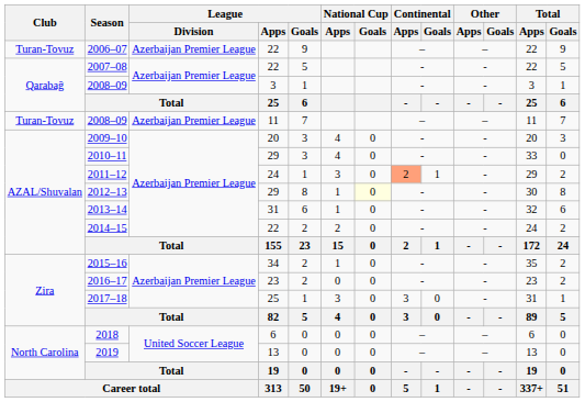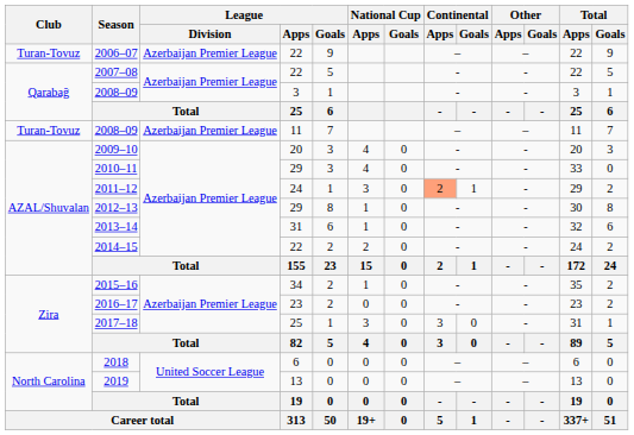 <table class="wikitable" style="text-align: center">
 <tr>
 <th rowspan="2">Club</th>
 <th rowspan="2">Season</th>
 <th colspan="3">League</th>
 <th colspan="2">National Cup</th>
 <th colspan="2">Continental</th>
 <th colspan="2">Other</th>
 <th colspan="2">Total</th>
 </tr>
 <tr>
 <th>Division</th>
 <th>Apps</th>
 <th>Goals</th>
 <th>Apps</th>
 <th>Goals</th>
 <th>Apps</th>
 <th>Goals</th>
 <th>Apps</th>
 <th>Goals</th>
 <th>Apps</th>
 <th>Goals</th>
 </tr>
 <tr>
 <td><a href='#'>Turan-Tovuz</a></td>
 <td><a href='#'>2006–07</a></td>
 <td><a href='#'>Azerbaijan Premier League</a></td>
 <td>22</td>
 <td>9</td>
 <td></td>
 <td></td>
 <td colspan="2">–</td>
 <td colspan="2">–</td>
 <td>22</td>
 <td>9</td>
 </tr>
 <tr>
 <td rowspan="3"><a href='#'>Qarabağ</a></td>
 <td><a href='#'>2007–08</a></td>
 <td rowspan="2"><a href='#'>Azerbaijan Premier League</a></td>
 <td>22</td>
 <td>5</td>
 <td></td>
 <td></td>
 <td colspan="2">-</td>
 <td colspan="2">-</td>
 <td>22</td>
 <td>5</td>
 </tr>
 <tr>
 <td><a href='#'>2008–09</a></td>
 <td>3</td>
 <td>1</td>
 <td></td>
 <td></td>
 <td colspan="2">-</td>
 <td colspan="2">-</td>
 <td>3</td>
 <td>1</td>
 </tr>
 <tr>
 <th colspan="2">Total</th>
 <th>25</th>
 <th>6</th>
 <th></th>
 <th></th>
 <th>-</th>
 <th>-</th>
 <th>-</th>
 <th>-</th>
 <th>25</th>
 <th>6</th>
 </tr>
 <tr>
 <td><a href='#'>Turan-Tovuz</a></td>
 <td><a href='#'>2008–09</a></td>
 <td><a href='#'>Azerbaijan Premier League</a></td>
 <td>11</td>
 <td>7</td>
 <td></td>
 <td></td>
 <td colspan="2">–</td>
 <td colspan="2">–</td>
 <td>11</td>
 <td>7</td>
 </tr>
 <tr>
 <td rowspan="7"><a href='#'>AZAL/Shuvalan</a></td>
 <td><a href='#'>2009–10</a></td>
 <td rowspan="6"><a href='#'>Azerbaijan Premier League</a></td>
 <td>20</td>
 <td>3</td>
 <td>4</td>
 <td>0</td>
 <td colspan="2">-</td>
 <td colspan="2">-</td>
 <td>20</td>
 <td>3</td>
 </tr>
 <tr>
 <td><a href='#'>2010–11</a></td>
 <td>29</td>
 <td>3</td>
 <td>4</td>
 <td>0</td>
 <td colspan="2">-</td>
 <td colspan="2">-</td>
 <td>33</td>
 <td>0</td>
 </tr>
 <tr>
 <td><a href='#'>2011–12</a></td>
 <td>24</td>
 <td>1</td>
 <td>3</td>
 <td>0</td>
 <td style="background: lightsalmon;">2</td>
 <td>1</td>
 <td colspan="2">-</td>
 <td>29</td>
 <td>2</td>
 </tr>
 <tr>
 <td><a href='#'>2012–13</a></td>
 <td>29</td>
 <td>8</td>
 <td>1</td>
-<td style="background: lightyellow;">0</td>
+<td>0</td>
 <td colspan="2">-</td>
 <td colspan="2">-</td>
 <td>30</td>
 <td>8</td>
 </tr>
 <tr>
 <td><a href='#'>2013–14</a></td>
 <td>31</td>
 <td>6</td>
 <td>1</td>
 <td>0</td>
 <td colspan="2">-</td>
 <td colspan="2">-</td>
 <td>32</td>
 <td>6</td>
 </tr>
 <tr>
 <td><a href='#'>2014–15</a></td>
 <td>22</td>
 <td>2</td>
 <td>2</td>
 <td>0</td>
 <td colspan="2">-</td>
 <td colspan="2">-</td>
 <td>24</td>
 <td>2</td>
 </tr>
 <tr>
 <th colspan="2">Total</th>
 <th>155</th>
 <th>23</th>
 <th>15</th>
 <th>0</th>
 <th>2</th>
 <th>1</th>
 <th>-</th>
 <th>-</th>
 <th>172</th>
 <th>24</th>
 </tr>
 <tr>
 <td rowspan="4"><a href='#'>Zira</a></td>
 <td><a href='#'>2015–16</a></td>
 <td rowspan="3"><a href='#'>Azerbaijan Premier League</a></td>
 <td>34</td>
 <td>2</td>
 <td>1</td>
 <td>0</td>
 <td colspan="2">-</td>
 <td colspan="2">-</td>
 <td>35</td>
 <td>2</td>
 </tr>
 <tr>
 <td><a href='#'>2016–17</a></td>
 <td>23</td>
 <td>2</td>
 <td>0</td>
 <td>0</td>
 <td colspan="2">-</td>
 <td colspan="2">-</td>
 <td>23</td>
 <td>2</td>
 </tr>
 <tr>
 <td><a href='#'>2017–18</a></td>
 <td>25</td>
 <td>1</td>
 <td>3</td>
 <td>0</td>
 <td>3</td>
 <td>0</td>
 <td colspan="2">-</td>
 <td>31</td>
 <td>1</td>
 </tr>
 <tr>
 <th colspan="2">Total</th>
 <th>82</th>
 <th>5</th>
 <th>4</th>
 <th>0</th>
 <th>3</th>
 <th>0</th>
 <th>-</th>
 <th>-</th>
 <th>89</th>
 <th>5</th>
 </tr>
 <tr>
 <td rowspan="3"><a href='#'>North Carolina</a></td>
 <td><a href='#'>2018</a></td>
 <td rowspan="2"><a href='#'>United Soccer League</a></td>
 <td>6</td>
 <td>0</td>
 <td>0</td>
 <td>0</td>
 <td colspan="2">–</td>
 <td colspan="2">–</td>
 <td>6</td>
 <td>0</td>
 </tr>
 <tr>
 <td><a href='#'>2019</a></td>
 <td>13</td>
 <td>0</td>
 <td>0</td>
 <td>0</td>
 <td colspan="2">–</td>
 <td colspan="2">–</td>
 <td>13</td>
 <td>0</td>
 </tr>
 <tr>
 <th colspan="2">Total</th>
 <th>19</th>
 <th>0</th>
 <th>0</th>
 <th>0</th>
 <th>-</th>
 <th>-</th>
 <th>-</th>
 <th>-</th>
 <th>19</th>
 <th>0</th>
 </tr>
 <tr>
 <th colspan="3">Career total</th>
 <th>313</th>
 <th>50</th>
 <th>19+</th>
 <th>0</th>
 <th>5</th>
 <th>1</th>
 <th>-</th>
 <th>-</th>
 <th>337+</th>
 <th>51</th>
 </tr>
 </table>
